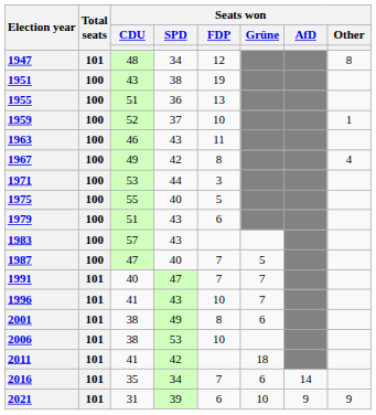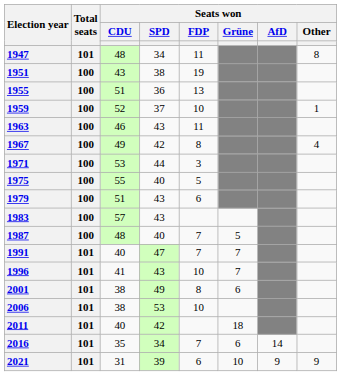 <table class="wikitable" style="text-align:center; font-size: 0.9em;">
 <tr>
 <th rowspan="3">Election year</th>
 <th rowspan="3">Total<br>seats</th>
 <th colspan="7">Seats won</th>
 </tr>
 <tr>
 <th class="unsortable" style="width:45px;"><a href='#'>CDU</a></th>
 <th class="unsortable" style="width:45px;"><a href='#'>SPD</a></th>
 <th class="unsortable" style="width:45px;"><a href='#'>FDP</a></th>
 <th class="unsortable" style="width:45px;"><a href='#'>Grüne</a></th>
 <th class="unsortable" style="width:45px;"><a href='#'>AfD</a></th>
 <th class="unsortable" style="width:45px;">Other</th>
 </tr>
 <tr>
 <th style="background:"></th>
 <th style="background:"></th>
 <th style="background:"></th>
 <th style="background:"></th>
 <th style="background:"></th>
 <th style="background:"></th>
 </tr>
 <tr>
 <th style="text-align: left;"><a href='#'>1947</a></th>
 <th>101</th>
 <td style="background:#d1ffbd;">48</td>
 <td>34</td>
-<td>12</td>
+<td>11</td>
 <td style="background:#828282;"></td>
 <td style="background:#828282;"></td>
 <td>8 </td>
 </tr>
 <tr>
 <th style="text-align: left;"><a href='#'>1951</a></th>
 <th>100</th>
 <td style="background:#d1ffbd;">43</td>
 <td>38</td>
 <td>19</td>
 <td style="background:#828282;"></td>
 <td style="background:#828282;"></td>
 <td></td>
 </tr>
 <tr>
 <th style="text-align: left;"><a href='#'>1955</a></th>
 <th>100</th>
 <td style="background:#d1ffbd;">51</td>
 <td>36</td>
 <td>13</td>
 <td style="background:#828282;"></td>
 <td style="background:#828282;"></td>
 <td></td>
 </tr>
 <tr>
 <th style="text-align: left;"><a href='#'>1959</a></th>
 <th>100</th>
 <td style="background:#d1ffbd;">52</td>
 <td>37</td>
 <td>10</td>
 <td style="background:#828282;"></td>
 <td style="background:#828282;"></td>
 <td>1 </td>
 </tr>
 <tr>
 <th style="text-align: left;"><a href='#'>1963</a></th>
 <th>100</th>
 <td style="background:#d1ffbd;">46</td>
 <td>43</td>
 <td>11</td>
 <td style="background:#828282;"></td>
 <td style="background:#828282;"></td>
 <td></td>
 </tr>
 <tr>
 <th style="text-align: left;"><a href='#'>1967</a></th>
 <th>100</th>
 <td style="background:#d1ffbd;">49</td>
 <td>42</td>
 <td>8</td>
 <td style="background:#828282;"></td>
 <td style="background:#828282;"></td>
 <td>4 </td>
 </tr>
 <tr>
 <th style="text-align: left;"><a href='#'>1971</a></th>
 <th>100</th>
 <td style="background:#d1ffbd;">53</td>
 <td>44</td>
 <td>3</td>
 <td style="background:#828282;"></td>
 <td style="background:#828282;"></td>
 <td></td>
 </tr>
 <tr>
 <th style="text-align: left;"><a href='#'>1975</a></th>
 <th>100</th>
 <td style="background:#d1ffbd;">55</td>
 <td>40</td>
 <td>5</td>
 <td style="background:#828282;"></td>
 <td style="background:#828282;"></td>
 <td></td>
 </tr>
 <tr>
 <th style="text-align: left;"><a href='#'>1979</a></th>
 <th>100</th>
 <td style="background:#d1ffbd;">51</td>
 <td>43</td>
 <td>6</td>
 <td style="background:#828282;"></td>
 <td style="background:#828282;"></td>
 <td></td>
 </tr>
 <tr>
 <th style="text-align: left;"><a href='#'>1983</a></th>
 <th>100</th>
 <td style="background:#d1ffbd;">57</td>
 <td>43</td>
 <td></td>
 <td></td>
 <td style="background:#828282;"></td>
 <td></td>
 </tr>
 <tr>
 <th style="text-align: left;"><a href='#'>1987</a></th>
 <th>100</th>
-<td style="background:#d1ffbd;">47</td>
+<td style="background:#d1ffbd;">48</td>
 <td>40</td>
 <td>7</td>
 <td>5</td>
 <td style="background:#828282;"></td>
 <td></td>
 </tr>
 <tr>
 <th style="text-align: left;"><a href='#'>1991</a></th>
 <th>101</th>
 <td>40</td>
 <td style="background:#d1ffbd;">47</td>
 <td>7</td>
 <td>7</td>
 <td style="background:#828282;"></td>
 <td></td>
 </tr>
 <tr>
 <th style="text-align: left;"><a href='#'>1996</a></th>
 <th>101</th>
 <td>41</td>
 <td style="background:#d1ffbd;">43</td>
 <td>10</td>
 <td>7</td>
 <td style="background:#828282;"></td>
 <td></td>
 </tr>
 <tr>
 <th style="text-align: left;"><a href='#'>2001</a></th>
 <th>101</th>
 <td>38</td>
 <td style="background:#d1ffbd;">49</td>
 <td>8</td>
 <td>6</td>
 <td style="background:#828282;"></td>
 <td></td>
 </tr>
 <tr>
 <th style="text-align: left;"><a href='#'>2006</a></th>
 <th>101</th>
 <td>38</td>
 <td style="background:#d1ffbd;">53</td>
 <td>10</td>
 <td></td>
 <td style="background:#828282;"></td>
 <td></td>
 </tr>
 <tr>
 <th style="text-align: left;"><a href='#'>2011</a></th>
 <th>101</th>
-<td>41</td>
+<td>40</td>
 <td style="background:#d1ffbd;">42</td>
 <td></td>
 <td>18</td>
 <td style="background:#828282;"></td>
 <td></td>
 </tr>
 <tr>
 <th style="text-align: left;"><a href='#'>2016</a></th>
 <th>101</th>
 <td>35</td>
 <td style="background:#d1ffbd;">34</td>
 <td>7</td>
 <td>6</td>
 <td>14</td>
 <td></td>
 </tr>
 <tr>
 <th style="text-align: left;"><a href='#'>2021</a></th>
 <th>101</th>
 <td>31</td>
 <td style="background:#d1ffbd;">39</td>
 <td>6</td>
 <td>10</td>
 <td>9</td>
 <td>9 </td>
 </tr>
 </table>
